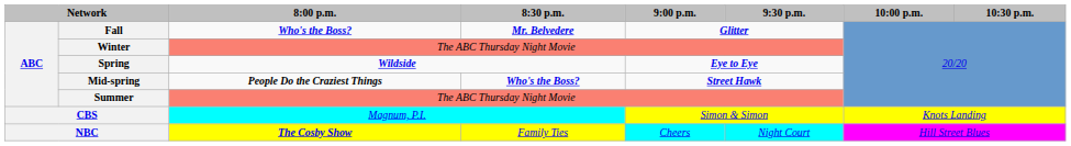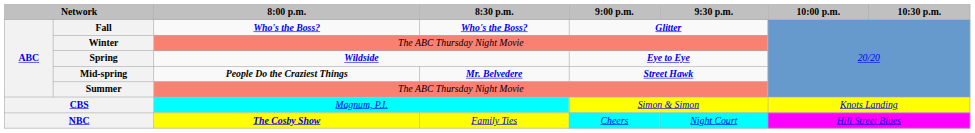 <table class="wikitable" style="width:100%;margin-right:0;text-align:center">
 <tr>
 <th colspan="2" style="background-color:#C0C0C0;text-align:center;width:15.5%;">Network</th>
 <th style="background-color:#C0C0C0;text-align:center">8:00 p.m.</th>
 <th style="background-color:#C0C0C0;text-align:center">8:30 p.m.</th>
 <th style="background-color:#C0C0C0;text-align:center">9:00 p.m.</th>
 <th style="background-color:#C0C0C0;text-align:center">9:30 p.m.</th>
 <th style="background-color:#C0C0C0;text-align:center">10:00 p.m.</th>
 <th style="background-color:#C0C0C0;text-align:center">10:30 p.m.</th>
 </tr>
 <tr>
 <th rowspan="5"><a href='#'>ABC</a></th>
 <th>Fall</th>
 <td><strong><em><a href='#'>Who's the Boss?</a></em></strong></td>
-<td><strong><em><a href='#'>Mr. Belvedere</a></em></strong></td>
+<td><strong><em><a href='#'>Who's the Boss?</a></em></strong></td>
 <td colspan="2"><strong><em><a href='#'>Glitter</a></em></strong></td>
 <td colspan="2" rowspan="5" style="background:#6699CC;"><em><a href='#'>20/20</a></em></td>
 </tr>
 <tr>
 <th>Winter</th>
 <td colspan="4" style="background:#FA8072;"><em>The ABC Thursday Night Movie</em></td>
 </tr>
 <tr>
 <th>Spring</th>
 <td colspan="2"><strong><em><a href='#'>Wildside</a></em></strong></td>
 <td colspan="2"><strong><em><a href='#'>Eye to Eye</a></em></strong></td>
 </tr>
 <tr>
 <th>Mid-spring</th>
 <td><strong><em>People Do the Craziest Things</em></strong></td>
-<td><strong><em><a href='#'>Who's the Boss?</a></em></strong></td>
+<td><strong><em><a href='#'>Mr. Belvedere</a></em></strong></td>
 <td colspan="2"><strong><em><a href='#'>Street Hawk</a></em></strong></td>
 </tr>
 <tr>
 <th>Summer</th>
 <td colspan="4" style="background:#FA8072;"><em>The ABC Thursday Night Movie</em></td>
 </tr>
 <tr>
 <th colspan="2"><a href='#'>CBS</a></th>
 <td colspan="2" style="background:#00FFFF;"><em><a href='#'>Magnum, P.I.</a></em> </td>
 <td colspan="2" style="background:#FFFF00;"><em><a href='#'>Simon & Simon</a></em> </td>
 <td colspan="2" style="background:#FFFF00;"><em><a href='#'>Knots Landing</a></em> </td>
 </tr>
 <tr>
 <th colspan="2"><a href='#'>NBC</a></th>
 <td style="background:#FFFF00;"><strong><em><a href='#'>The Cosby Show</a></em></strong> </td>
 <td style="background:#FFFF00;"><em><a href='#'>Family Ties</a></em> </td>
 <td style="background:#00FFFF;"><em><a href='#'>Cheers</a></em> </td>
 <td style="background:#00FFFF;"><em><a href='#'>Night Court</a></em> </td>
 <td colspan="2" style="background:#FF00FF;"><em><a href='#'>Hill Street Blues</a></em> </td>
 </tr>
 </table>
